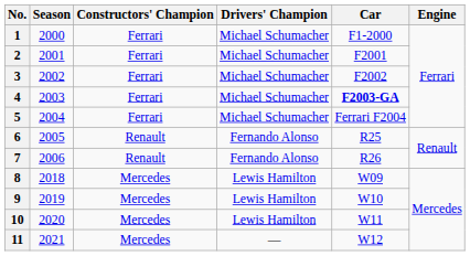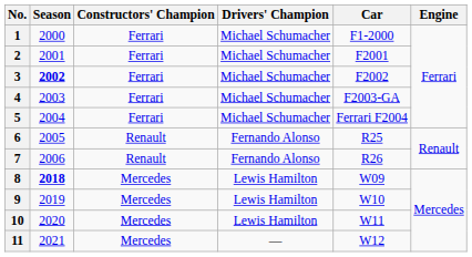 <table class="wikitable" style="text-align:center; font-size:100%">
 <tr>
 <th>No.</th>
 <th>Season</th>
 <th>Constructors' Champion</th>
 <th>Drivers' Champion</th>
 <th>Car</th>
 <th>Engine</th>
 </tr>
 <tr>
 <th>1</th>
 <td><a href='#'>2000</a></td>
 <td><a href='#'>Ferrari</a></td>
 <td><a href='#'>Michael Schumacher</a></td>
 <td><a href='#'>F1-2000</a></td>
 <td rowspan=5><a href='#'>Ferrari</a></td>
 </tr>
 <tr>
 <th>2</th>
 <td><a href='#'>2001</a></td>
 <td><a href='#'>Ferrari</a></td>
 <td><a href='#'>Michael Schumacher</a></td>
 <td><a href='#'>F2001</a></td>
 </tr>
 <tr>
 <th>3</th>
-<td><a href='#'>2002</a></td>
+<td><strong><a href='#'>2002</a></strong></td>
 <td><a href='#'>Ferrari</a></td>
 <td><a href='#'>Michael Schumacher</a></td>
 <td><a href='#'>F2002</a></td>
 </tr>
 <tr>
 <th>4</th>
 <td><a href='#'>2003</a></td>
 <td><a href='#'>Ferrari</a></td>
 <td><a href='#'>Michael Schumacher</a></td>
-<td><strong><a href='#'>F2003-GA</a></strong></td>
+<td><a href='#'>F2003-GA</a></td>
 </tr>
 <tr>
 <th>5</th>
 <td><a href='#'>2004</a></td>
 <td><a href='#'>Ferrari</a></td>
 <td><a href='#'>Michael Schumacher</a></td>
 <td><a href='#'>Ferrari F2004</a></td>
 </tr>
 <tr>
 <th>6</th>
 <td><a href='#'>2005</a></td>
 <td><a href='#'>Renault</a></td>
 <td><a href='#'>Fernando Alonso</a></td>
 <td><a href='#'>R25</a></td>
 <td rowspan=2><a href='#'>Renault</a></td>
 </tr>
 <tr>
 <th>7</th>
 <td><a href='#'>2006</a></td>
 <td><a href='#'>Renault</a></td>
 <td><a href='#'>Fernando Alonso</a></td>
 <td><a href='#'>R26</a></td>
 </tr>
 <tr>
 <th>8</th>
-<td><a href='#'>2018</a></td>
+<td><strong><a href='#'>2018</a></strong></td>
 <td><a href='#'>Mercedes</a></td>
 <td><a href='#'>Lewis Hamilton</a></td>
 <td><a href='#'>W09</a></td>
 <td rowspan="4"><a href='#'>Mercedes</a></td>
 </tr>
 <tr>
 <th>9</th>
 <td><a href='#'>2019</a></td>
 <td><a href='#'>Mercedes</a></td>
 <td><a href='#'>Lewis Hamilton</a></td>
 <td><a href='#'>W10</a></td>
 </tr>
 <tr>
 <th>10</th>
 <td><a href='#'>2020</a></td>
 <td><a href='#'>Mercedes</a></td>
 <td><a href='#'>Lewis Hamilton</a></td>
 <td><a href='#'>W11</a></td>
 </tr>
 <tr>
 <th>11</th>
 <td><a href='#'>2021</a></td>
 <td><a href='#'>Mercedes</a></td>
 <td>—</td>
 <td><a href='#'>W12</a></td>
 </tr>
 </table>
